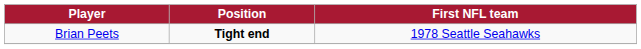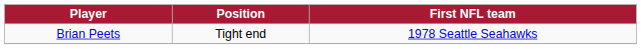 <table class="wikitable" width="65%">
 <tr align="center"  style="background:#A81933;color:#FFFFFF;">
 <td><strong>Player</strong></td>
 <td><strong>Position</strong></td>
 <td><strong>First NFL team</strong></td>
 </tr>
 <tr align="center" bgcolor="">
 <td><a href='#'>Brian Peets</a></td>
-<td><strong>Tight end</strong></td>
+<td>Tight end</td>
 <td><a href='#'>1978 Seattle Seahawks</a></td>
 </tr>
 <tr align="center" bgcolor="">
 </tr>
 </table>
